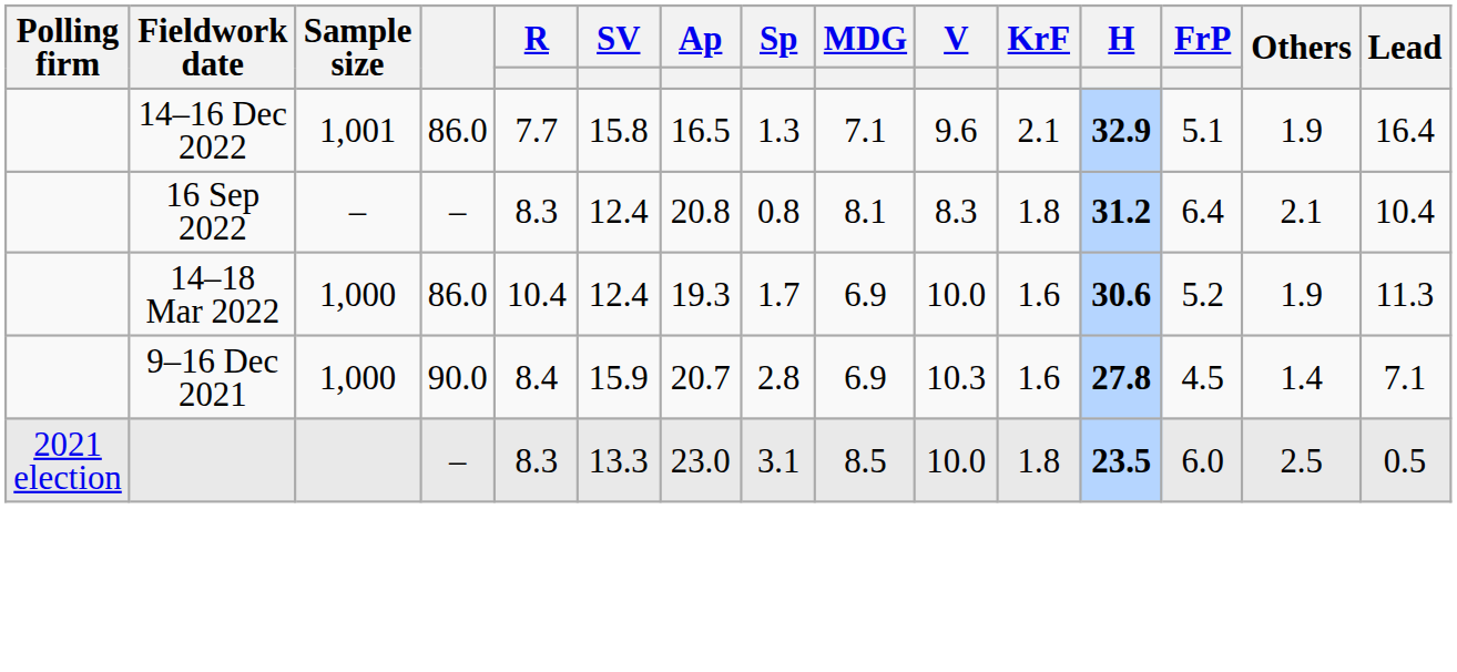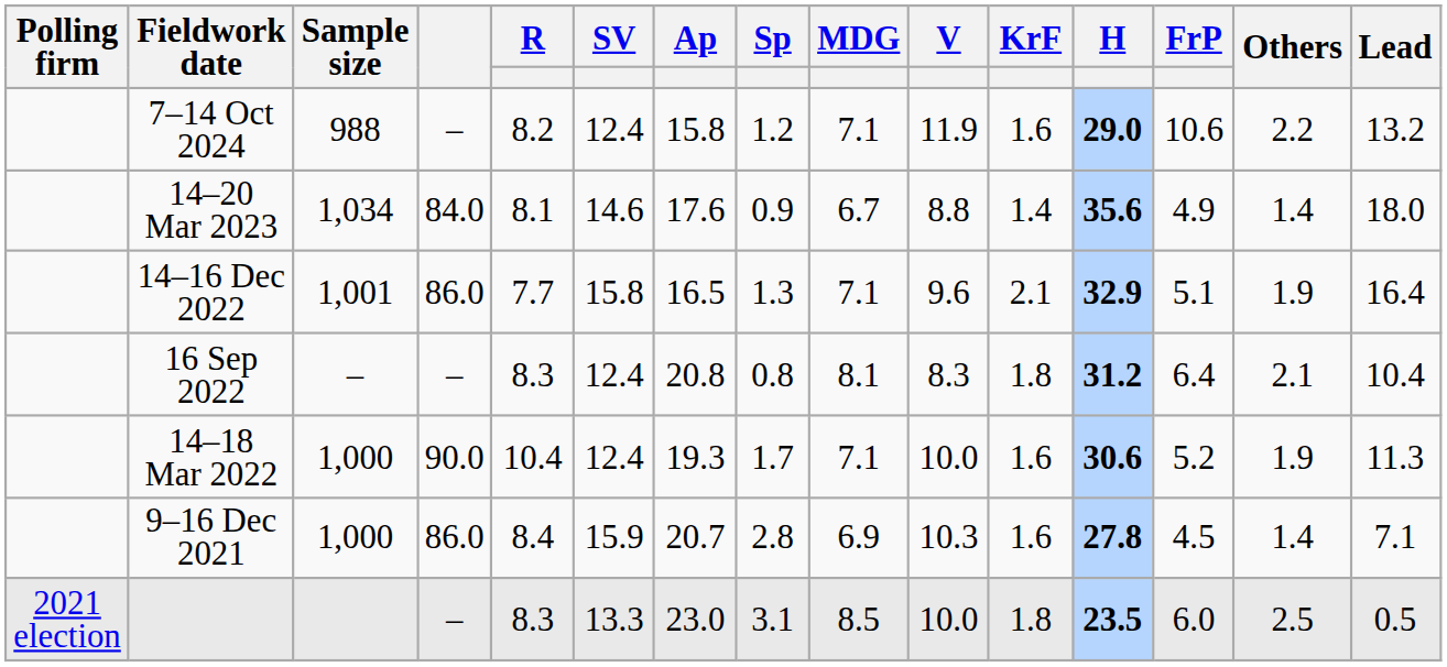 <table class="wikitable sortable mw-datatable" style="text-align:center;font-size:90%;line-height:14px;">
 <tr>
 <th rowspan="2">Polling firm</th>
 <th rowspan="2">Fieldwork date</th>
 <th rowspan="2">Sample<br>size</th>
 <th rowspan="2"></th>
 <th class="unsortable" style="width:30px;"><a href='#'>R</a></th>
 <th class="unsortable" style="width:30px;"><a href='#'>SV</a></th>
 <th class="unsortable" style="width:30px;"><a href='#'>Ap</a></th>
 <th class="unsortable" style="width:30px;"><a href='#'>Sp</a></th>
 <th class="unsortable" style="width:30px;"><a href='#'>MDG</a></th>
 <th class="unsortable" style="width:30px;"><a href='#'>V</a></th>
 <th class="unsortable" style="width:30px;"><a href='#'>KrF</a></th>
 <th class="unsortable" style="width:30px;"><a href='#'>H</a></th>
 <th class="unsortable" style="width:30px;"><a href='#'>FrP</a></th>
 <th rowspan="2" class="unsortable" style="width:30px;">Others</th>
 <th rowspan="2">Lead</th>
 </tr>
 <tr>
 <th style="background:"></th>
 <th style="background:"></th>
 <th style="background:"></th>
 <th style="background:"></th>
 <th style="background:"></th>
 <th style="background:"></th>
 <th style="background:"></th>
 <th style="background:"></th>
 <th style="background:"></th>
+</tr>
+<tr>
+<td></td>
+<td>7–14 Oct 2024</td>
+<td>988</td>
+<td>–</td>
+<td>8.2</td>
+<td>12.4</td>
+<td>15.8</td>
+<td>1.2</td>
+<td>7.1</td>
+<td>11.9</td>
+<td>1.6</td>
+<td style="background:#B5D5FF;"><strong>29.0</strong></td>
+<td>10.6</td>
+<td>2.2</td>
+<td style="background:">13.2</td>
+</tr>
+<tr>
+<td></td>
+<td>14–20 Mar 2023</td>
+<td>1,034</td>
+<td>84.0</td>
+<td>8.1</td>
+<td>14.6</td>
+<td>17.6</td>
+<td>0.9</td>
+<td>6.7</td>
+<td>8.8</td>
+<td>1.4</td>
+<td style="background:#B5D5FF;"><strong>35.6</strong></td>
+<td>4.9</td>
+<td>1.4</td>
+<td style="background:">18.0</td>
 </tr>
 <tr>
 <td></td>
 <td>14–16 Dec 2022</td>
 <td>1,001</td>
 <td>86.0</td>
 <td>7.7</td>
 <td>15.8</td>
 <td>16.5</td>
 <td>1.3</td>
 <td>7.1</td>
 <td>9.6</td>
 <td>2.1</td>
 <td style="background:#B5D5FF;"><strong>32.9</strong></td>
 <td>5.1</td>
 <td>1.9</td>
 <td style="background:">16.4</td>
 </tr>
 <tr>
 <td></td>
 <td>16 Sep 2022</td>
 <td>–</td>
 <td>–</td>
 <td>8.3</td>
 <td>12.4</td>
 <td>20.8</td>
 <td>0.8</td>
 <td>8.1</td>
 <td>8.3</td>
 <td>1.8</td>
 <td style="background:#B5D5FF;"><strong>31.2</strong></td>
 <td>6.4</td>
 <td>2.1</td>
 <td style="background:">10.4</td>
 </tr>
 <tr>
 <td></td>
 <td>14–18 Mar 2022</td>
 <td>1,000</td>
-<td>86.0</td>
+<td>90.0</td>
 <td>10.4</td>
 <td>12.4</td>
 <td>19.3</td>
 <td>1.7</td>
-<td>6.9</td>
+<td>7.1</td>
 <td>10.0</td>
 <td>1.6</td>
 <td style="background:#B5D5FF;"><strong>30.6</strong></td>
 <td>5.2</td>
 <td>1.9</td>
 <td style="background:">11.3</td>
 </tr>
 <tr>
 <td></td>
 <td>9–16 Dec 2021</td>
 <td>1,000</td>
-<td>90.0</td>
+<td>86.0</td>
 <td>8.4</td>
 <td>15.9</td>
 <td>20.7</td>
 <td>2.8</td>
 <td>6.9</td>
 <td>10.3</td>
 <td>1.6</td>
 <td style="background:#B5D5FF;"><strong>27.8</strong></td>
 <td>4.5</td>
 <td>1.4</td>
 <td style="background:">7.1</td>
 </tr>
 <tr style="background:#E9E9E9;">
 <td><a href='#'>2021 election</a></td>
 <td></td>
 <td></td>
 <td>–</td>
 <td>8.3</td>
 <td>13.3</td>
 <td>23.0</td>
 <td>3.1</td>
 <td>8.5</td>
 <td>10.0</td>
 <td>1.8</td>
 <td style="background:#B5D5FF;"><strong>23.5</strong></td>
 <td>6.0</td>
 <td>2.5</td>
 <td style="background:">0.5</td>
 </tr>
 </table>
